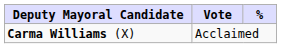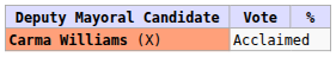 <table class="wikitable">
 <tr>
 <th style="background:#ddf; width:200px;">Deputy Mayoral Candidate</th>
 <th style="background:#ddf; width:50px;">Vote</th>
 <th style="background:#ddf; width:30px;">%</th>
 </tr>
 <tr>
-<td><strong>Carma Williams</strong> (X)</td>
+<td style="background: lightsalmon;"><strong>Carma Williams</strong> (X)</td>
 <td colspan="2">Acclaimed</td>
 </tr>
 </table>
